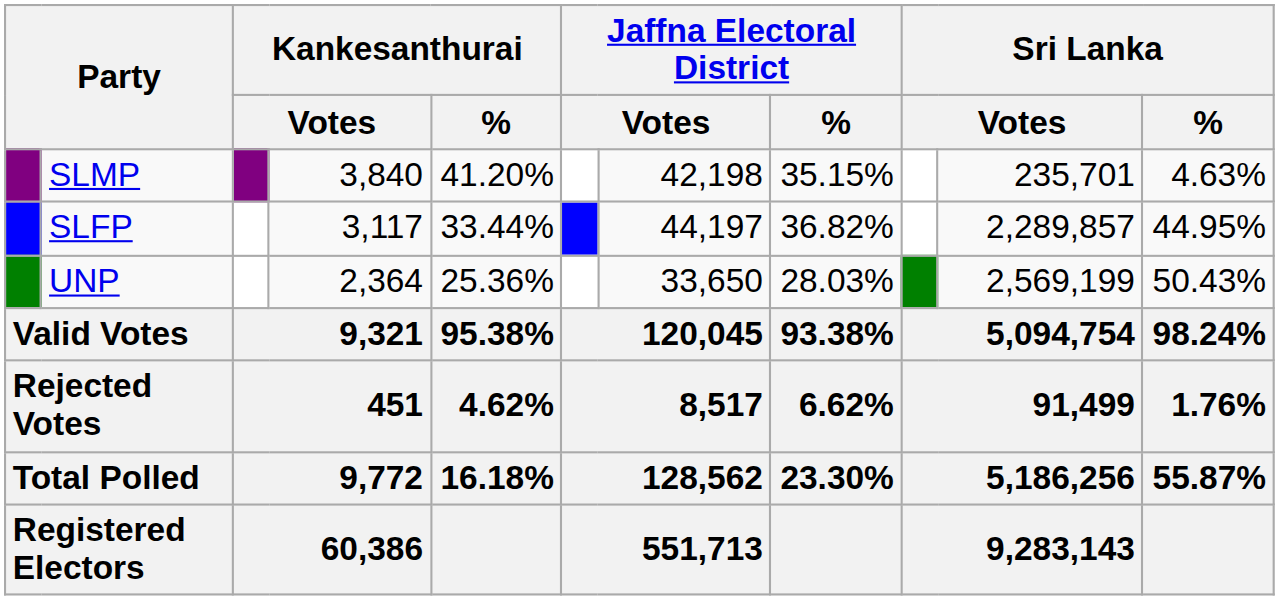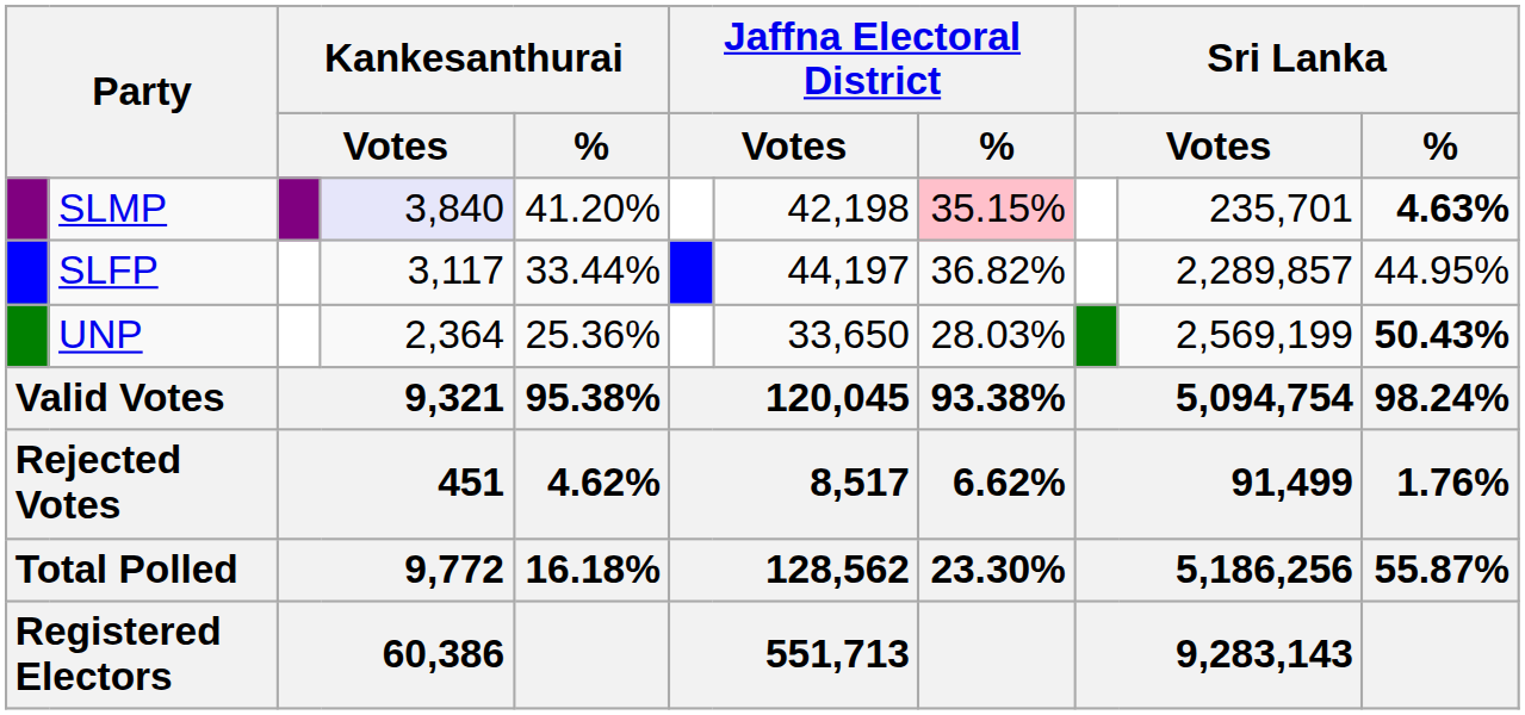 <table class="wikitable">
 <tr>
 <th colspan="2" width="144px"rowspan="2">Party</th>
 <th colspan="3" width="216px">Kankesanthurai</th>
 <th colspan="3" width="216px"><a href='#'>Jaffna Electoral District</a></th>
 <th colspan="3" width="216px">Sri Lanka</th>
 </tr>
 <tr>
 <th colspan="2" width="144px">Votes</th>
 <th>%</th>
 <th colspan="2" width="144px">Votes</th>
 <th>%</th>
 <th colspan="2" width="144px">Votes</th>
 <th>%</th>
 </tr>
 <tr>
 <td style="background-color:purple;" width="10px"></td>
 <td style="text-align:left;"><a href='#'>SLMP</a></td>
 <td style="background-color:purple;" width="10px"></td>
-<td style="text-align:right;">3,840</td>
+<td style="background: lavender; text-align:right;">3,840</td>
 <td style="text-align:right;">41.20%</td>
 <td style="background-color:white;" width="10px"></td>
 <td style="text-align:right;">42,198</td>
-<td style="text-align:right;">35.15%</td>
+<td style="background: pink; text-align:right;">35.15%</td>
 <td style="background-color:white;" width="10px"></td>
 <td style="text-align:right;">235,701</td>
-<td style="text-align:right;">4.63%</td>
+<td style="text-align:right;"><strong>4.63%</strong></td>
 </tr>
 <tr>
 <td style="background-color:blue;" width="10px"></td>
 <td style="text-align:left;"><a href='#'>SLFP</a></td>
 <td style="background-color:white;" width="10px"></td>
 <td style="text-align:right;">3,117</td>
 <td style="text-align:right;">33.44%</td>
 <td style="background-color:blue;" width="10px"></td>
 <td style="text-align:right;">44,197</td>
 <td style="text-align:right;">36.82%</td>
 <td style="background-color:white;" width="10px"></td>
 <td style="text-align:right;">2,289,857</td>
 <td style="text-align:right;">44.95%</td>
 </tr>
 <tr>
 <td style="background-color:green;" width="10px"></td>
 <td style="text-align:left;"><a href='#'>UNP</a></td>
 <td style="background-color:white;" width="10px"></td>
 <td style="text-align:right;">2,364</td>
 <td style="text-align:right;">25.36%</td>
 <td style="background-color:white;" width="10px"></td>
 <td style="text-align:right;">33,650</td>
 <td style="text-align:right;">28.03%</td>
 <td style="background-color:green;" width="10px"></td>
 <td style="text-align:right;">2,569,199</td>
-<td style="text-align:right;">50.43%</td>
+<td style="text-align:right;"><strong>50.43%</strong></td>
 </tr>
 <tr>
 <th colspan="2" width="144px"style="text-align:left;">Valid Votes</th>
 <th style="text-align:right;"colspan="2" width="144px">9,321</th>
 <th style="text-align:right;">95.38%</th>
 <th style="text-align:right;"colspan="2" width="144px">120,045</th>
 <th style="text-align:right;">93.38%</th>
 <th style="text-align:right;"colspan="2" width="144px">5,094,754</th>
 <th style="text-align:right;">98.24%</th>
 </tr>
 <tr>
 <th colspan="2" width="144px"style="text-align:left;">Rejected Votes</th>
 <th style="text-align:right;"colspan="2" width="144px">451</th>
 <th style="text-align:right;">4.62%</th>
 <th style="text-align:right;"colspan="2" width="144px">8,517</th>
 <th style="text-align:right;">6.62%</th>
 <th style="text-align:right;"colspan="2" width="144px">91,499</th>
 <th style="text-align:right;">1.76%</th>
 </tr>
 <tr>
 <th colspan="2" width="144px"style="text-align:left;">Total Polled</th>
 <th style="text-align:right;"colspan="2" width="144px">9,772</th>
 <th style="text-align:right;">16.18%</th>
 <th style="text-align:right;"colspan="2" width="144px">128,562</th>
 <th style="text-align:right;">23.30%</th>
 <th style="text-align:right;"colspan="2" width="144px">5,186,256</th>
 <th style="text-align:right;">55.87%</th>
 </tr>
 <tr>
 <th colspan="2" width="144px"style="text-align:left;">Registered Electors</th>
 <th style="text-align:right;"colspan="2" width="144px">60,386</th>
 <th></th>
 <th style="text-align:right;"colspan="2" width="144px">551,713</th>
 <th></th>
 <th style="text-align:right;"colspan="2" width="144px">9,283,143</th>
 <th></th>
 </tr>
 </table>
